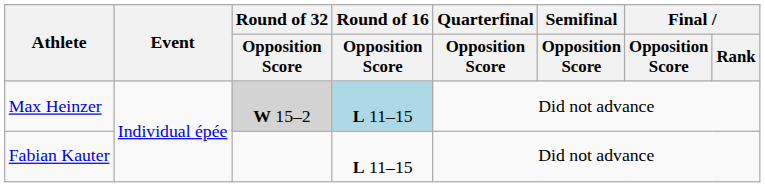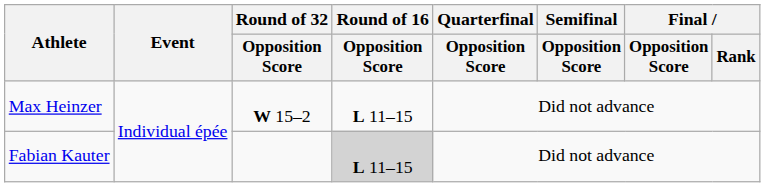 <table class="wikitable" style="font-size:90%">
 <tr>
 <th rowspan="2">Athlete</th>
 <th rowspan="2">Event</th>
 <th>Round of 32</th>
 <th>Round of 16</th>
 <th>Quarterfinal</th>
 <th>Semifinal</th>
 <th colspan=2>Final / </th>
 </tr>
 <tr style="font-size:95%">
 <th>Opposition <br> Score</th>
 <th>Opposition <br> Score</th>
 <th>Opposition <br> Score</th>
 <th>Opposition <br> Score</th>
 <th>Opposition <br> Score</th>
 <th>Rank</th>
 </tr>
 <tr align=center>
 <td align=left><a href='#'>Max Heinzer</a></td>
 <td align=left rowspan=2><a href='#'>Individual épée</a></td>
-<td style="background: lightgrey;"><br><strong>W</strong> 15–2</td>
-<td style="background: lightblue;"><br><strong>L</strong> 11–15</td>
+<td><br><strong>W</strong> 15–2</td>
+<td><br><strong>L</strong> 11–15</td>
 <td colspan=4>Did not advance</td>
 </tr>
 <tr align=center>
 <td align=left><a href='#'>Fabian Kauter</a></td>
 <td></td>
-<td> <br><strong>L</strong> 11–15</td>
+<td style="background: lightgrey;"> <br><strong>L</strong> 11–15</td>
 <td colspan=4>Did not advance</td>
 </tr>
 </table>
